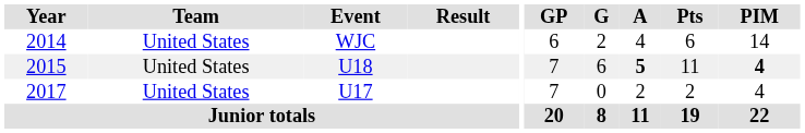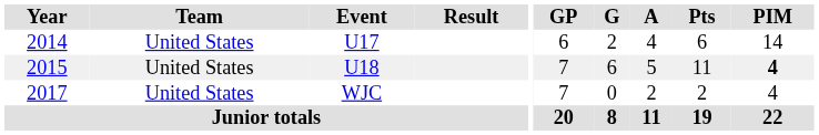 <table border="0" cellpadding="1" cellspacing="0" ID="Table3" style="text-align:center; width:40em">
 <tr ALIGN="center" bgcolor="#e0e0e0">
 <th>Year</th>
 <th>Team</th>
 <th>Event</th>
 <th>Result</th>
 <th rowspan="99" bgcolor="#ffffff"></th>
 <th>GP</th>
 <th>G</th>
 <th>A</th>
 <th>Pts</th>
 <th>PIM</th>
 </tr>
 <tr>
 <td><a href='#'>2014</a></td>
 <td><a href='#'>United States</a></td>
-<td><a href='#'>WJC</a></td>
+<td><a href='#'>U17</a></td>
 <td></td>
 <td>6</td>
 <td>2</td>
 <td>4</td>
 <td>6</td>
 <td>14</td>
 </tr>
 <tr bgcolor="#f0f0f0">
 <td><a href='#'>2015</a></td>
 <td>United States</td>
 <td><a href='#'>U18</a></td>
 <td></td>
 <td>7</td>
 <td>6</td>
-<td><strong>5</strong></td>
+<td>5</td>
 <td>11</td>
 <td><strong>4</strong></td>
 </tr>
 <tr>
 <td><a href='#'>2017</a></td>
 <td><a href='#'>United States</a></td>
-<td><a href='#'>U17</a></td>
+<td><a href='#'>WJC</a></td>
 <td></td>
 <td>7</td>
 <td>0</td>
 <td>2</td>
 <td>2</td>
 <td>4</td>
 </tr>
 <tr bgcolor="#e0e0e0">
 <th colspan="4">Junior totals</th>
 <th>20</th>
 <th>8</th>
 <th>11</th>
 <th>19</th>
 <th>22</th>
 </tr>
 </table>
